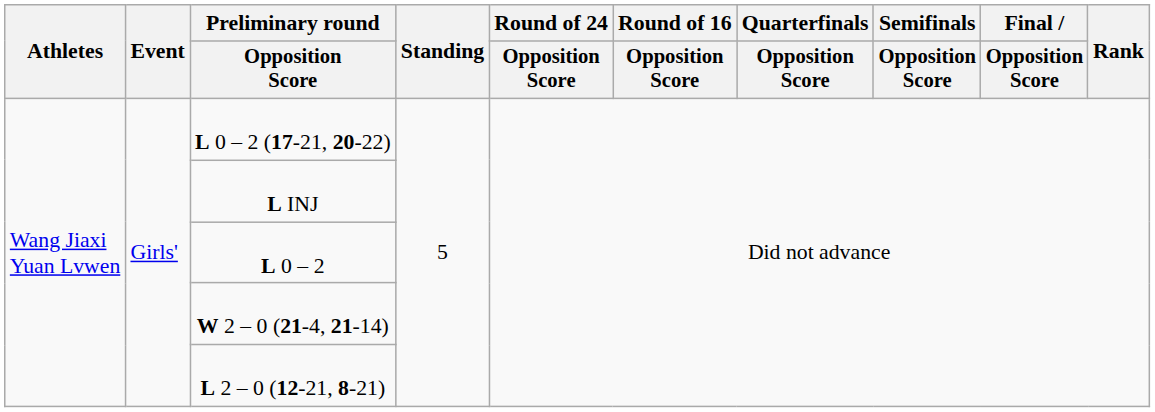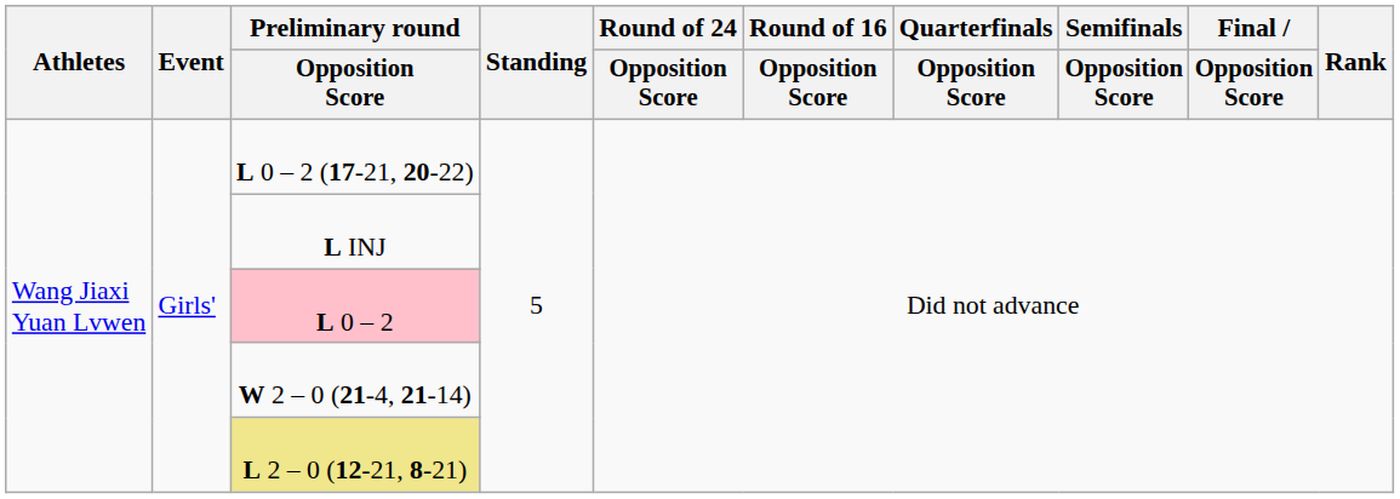 <table class=wikitable style="font-size:90%">
 <tr>
 <th rowspan="2">Athletes</th>
 <th rowspan="2">Event</th>
 <th>Preliminary round</th>
 <th rowspan="2">Standing</th>
 <th>Round of 24</th>
 <th>Round of 16</th>
 <th>Quarterfinals</th>
 <th>Semifinals</th>
 <th>Final / </th>
 <th rowspan=2>Rank</th>
 </tr>
 <tr style="font-size:95%">
 <th>Opposition<br>Score</th>
 <th>Opposition<br>Score</th>
 <th>Opposition<br>Score</th>
 <th>Opposition<br>Score</th>
 <th>Opposition<br>Score</th>
 <th>Opposition<br>Score</th>
 </tr>
 <tr align=center>
 <td align=left rowspan=5><a href='#'>Wang Jiaxi</a><br><a href='#'>Yuan Lvwen</a></td>
 <td align=left rowspan=5><a href='#'>Girls'</a></td>
 <td><br> <strong>L</strong> 0 – 2 (<strong>17</strong>-21, <strong>20</strong>-22)</td>
 <td rowspan=5>5</td>
 <td rowspan=5 colspan=6>Did not advance</td>
 </tr>
 <tr align=center>
 <td><br> <strong>L</strong> INJ</td>
 </tr>
 <tr align=center>
-<td><br> <strong>L</strong> 0 – 2</td>
+<td style="background: pink;"><br> <strong>L</strong> 0 – 2</td>
 </tr>
 <tr align=center>
 <td><br> <strong>W</strong> 2 – 0 (<strong>21</strong>-4, <strong>21</strong>-14)</td>
 </tr>
 <tr align=center>
-<td><br> <strong>L</strong> 2 – 0 (<strong>12</strong>-21, <strong>8</strong>-21)</td>
+<td style="background: khaki;"><br> <strong>L</strong> 2 – 0 (<strong>12</strong>-21, <strong>8</strong>-21)</td>
 </tr>
 </table>
